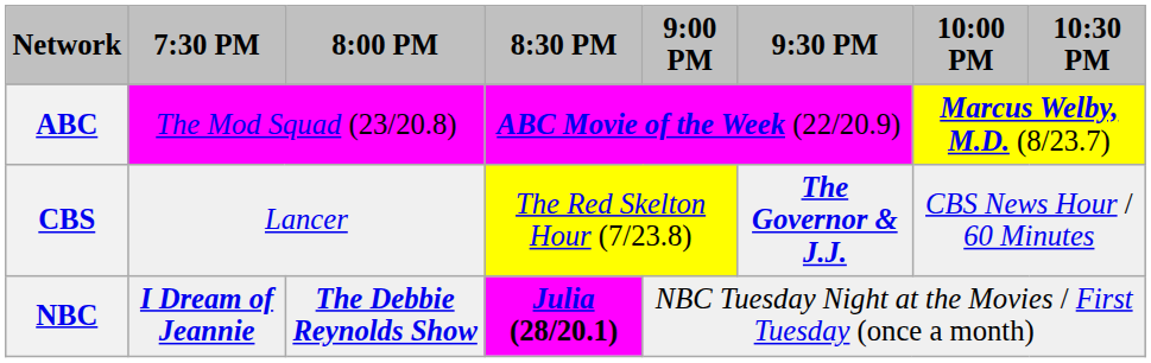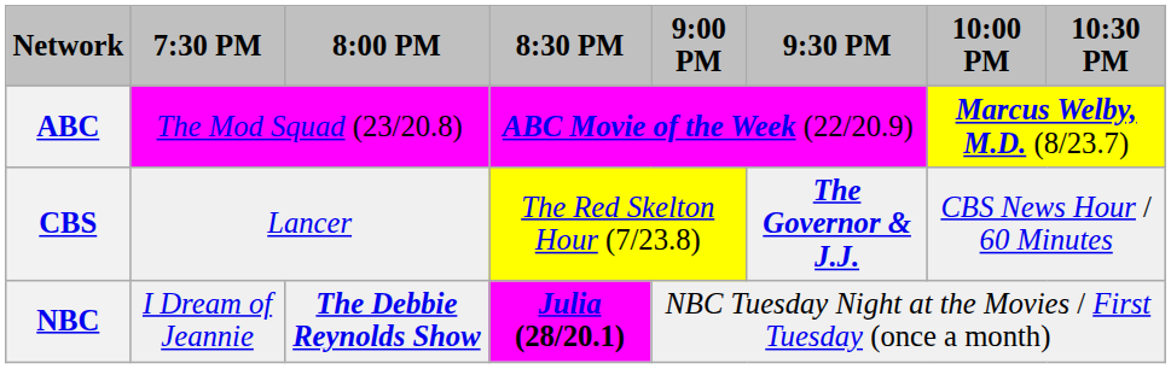 <table class="wikitable" style="width:100%;margin-right:0;text-align:center">
 <tr>
 <th style="background-color:#C0C0C0;text-align:center">Network</th>
 <th style="background-color:#C0C0C0;text-align:center">7:30 PM</th>
 <th style="background-color:#C0C0C0;text-align:center">8:00 PM</th>
 <th style="background-color:#C0C0C0;text-align:center">8:30 PM</th>
 <th style="background-color:#C0C0C0;text-align:center">9:00 PM</th>
 <th style="background-color:#C0C0C0;text-align:center">9:30 PM</th>
 <th style="background-color:#C0C0C0;text-align:center">10:00 PM</th>
 <th style="background-color:#C0C0C0;text-align:center">10:30 PM</th>
 </tr>
 <tr>
 <th><a href='#'>ABC</a></th>
 <td bgcolor="#FF00FF" colspan="2"><em><a href='#'>The Mod Squad</a></em> (23/20.8)</td>
 <td bgcolor="#FF00FF" colspan="3"><strong><em><a href='#'>ABC Movie of the Week</a></em></strong> (22/20.9)</td>
 <td bgcolor="#FFFF00" colspan="2"><strong><em><a href='#'>Marcus Welby, M.D.</a></em></strong> (8/23.7)</td>
 </tr>
 <tr>
 <th><a href='#'>CBS</a></th>
 <td colspan="2" bgcolor="#F0F0F0"><em><a href='#'>Lancer</a></em></td>
 <td bgcolor="#FFFF00" colspan="2"><em><a href='#'>The Red Skelton Hour</a></em> (7/23.8)</td>
 <td bgcolor="#F0F0F0"><strong><em><a href='#'>The Governor & J.J.</a></em></strong></td>
 <td bgcolor="#F0F0F0" colspan="2"><em><a href='#'>CBS News Hour</a></em> / <em><a href='#'>60 Minutes</a></em></td>
 </tr>
 <tr>
 <th><a href='#'>NBC</a></th>
-<td bgcolor="#F0F0F0"><strong><em><a href='#'>I Dream of Jeannie</a></em></strong></td>
+<td bgcolor="#F0F0F0"><em><a href='#'>I Dream of Jeannie</a></em></td>
 <td bgcolor="#F0F0F0"><strong><em><a href='#'>The Debbie Reynolds Show</a></em></strong></td>
 <td bgcolor="#FF00FF"><strong><em><a href='#'>Julia</a></em> (28/20.1)</strong></td>
 <td bgcolor="#F0F0F0" colspan="4"><em>NBC Tuesday Night at the Movies</em> / <em><a href='#'>First Tuesday</a></em> (once a month)</td>
 </tr>
 </table>
